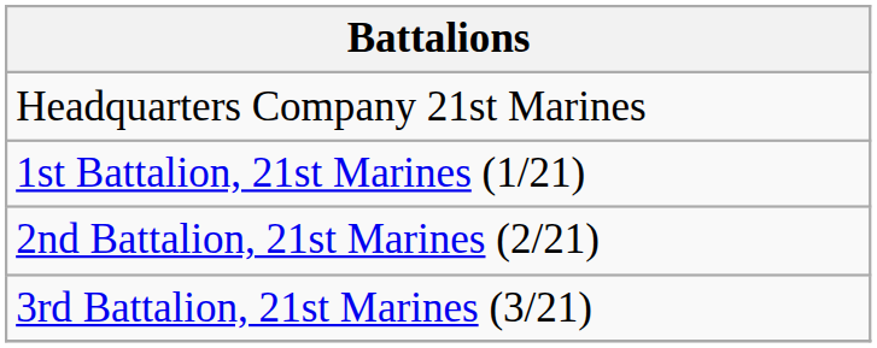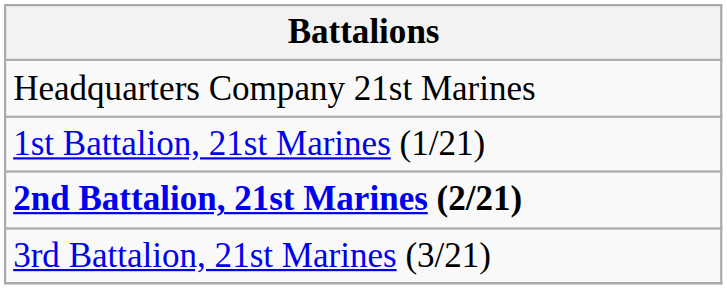 <table class="wikitable" style="text-align: center;">
 <tr>
 <th style="width:20em">Battalions</th>
 </tr>
 <tr>
 <td align="left">Headquarters Company 21st Marines</td>
 </tr>
 <tr>
 <td align="left"><a href='#'>1st Battalion, 21st Marines</a> (1/21)</td>
 </tr>
 <tr>
-<td align="left"><a href='#'>2nd Battalion, 21st Marines</a> (2/21)</td>
+<td align="left"><strong><a href='#'>2nd Battalion, 21st Marines</a> (2/21)</strong></td>
 </tr>
 <tr>
 <td align="left"><a href='#'>3rd Battalion, 21st Marines</a> (3/21)</td>
 </tr>
 <tr>
 </tr>
 </table>
